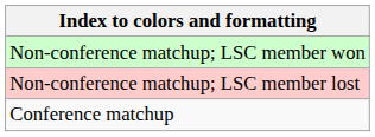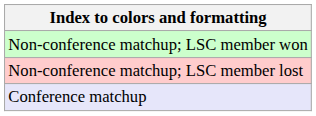 <table class="wikitable">
 <tr>
 <th>Index to colors and formatting</th>
 </tr>
 <tr bgcolor= #ccffcc>
 <td>Non-conference matchup; LSC member won</td>
 </tr>
 <tr bgcolor=#ffcccc>
 <td>Non-conference matchup; LSC member lost</td>
 </tr>
 <tr>
-<td>Conference matchup</td>
+<td style="background: lavender;">Conference matchup</td>
 </tr>
 </table>
